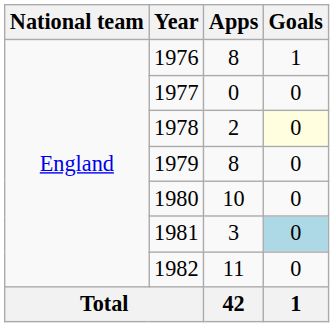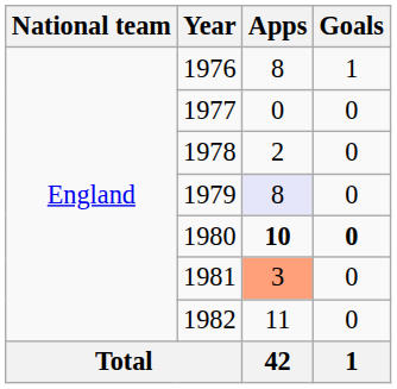 <table class="wikitable" style="text-align:center">
 <tr>
 <th>National team</th>
 <th>Year</th>
 <th>Apps</th>
 <th>Goals</th>
 </tr>
 <tr>
 <td rowspan="7"><a href='#'>England</a></td>
 <td>1976</td>
 <td>8</td>
 <td>1</td>
 </tr>
 <tr>
 <td>1977</td>
 <td>0</td>
 <td>0</td>
 </tr>
 <tr>
 <td>1978</td>
 <td>2</td>
-<td style="background: lightyellow;">0</td>
+<td>0</td>
 </tr>
 <tr>
 <td>1979</td>
-<td>8</td>
+<td style="background: lavender;">8</td>
 <td>0</td>
 </tr>
 <tr>
 <td>1980</td>
-<td>10</td>
-<td>0</td>
+<td><strong>10</strong></td>
+<td><strong>0</strong></td>
 </tr>
 <tr>
 <td>1981</td>
-<td>3</td>
-<td style="background: lightblue;">0</td>
+<td style="background: lightsalmon;">3</td>
+<td>0</td>
 </tr>
 <tr>
 <td>1982</td>
 <td>11</td>
 <td>0</td>
 </tr>
 <tr>
 <th colspan="2">Total</th>
 <th>42</th>
 <th>1</th>
 </tr>
 </table>
